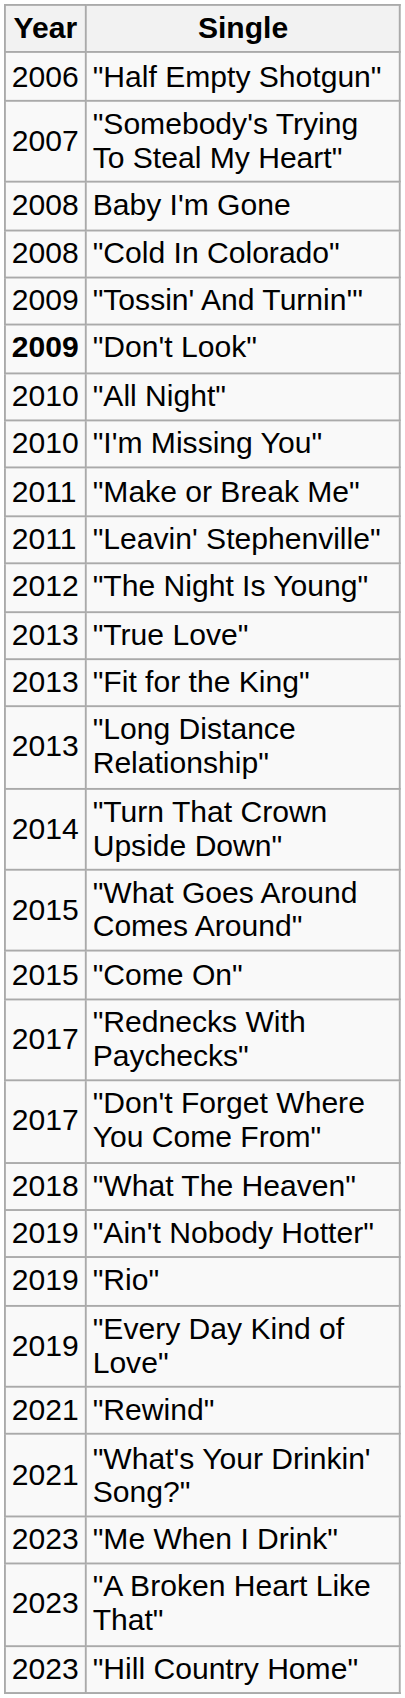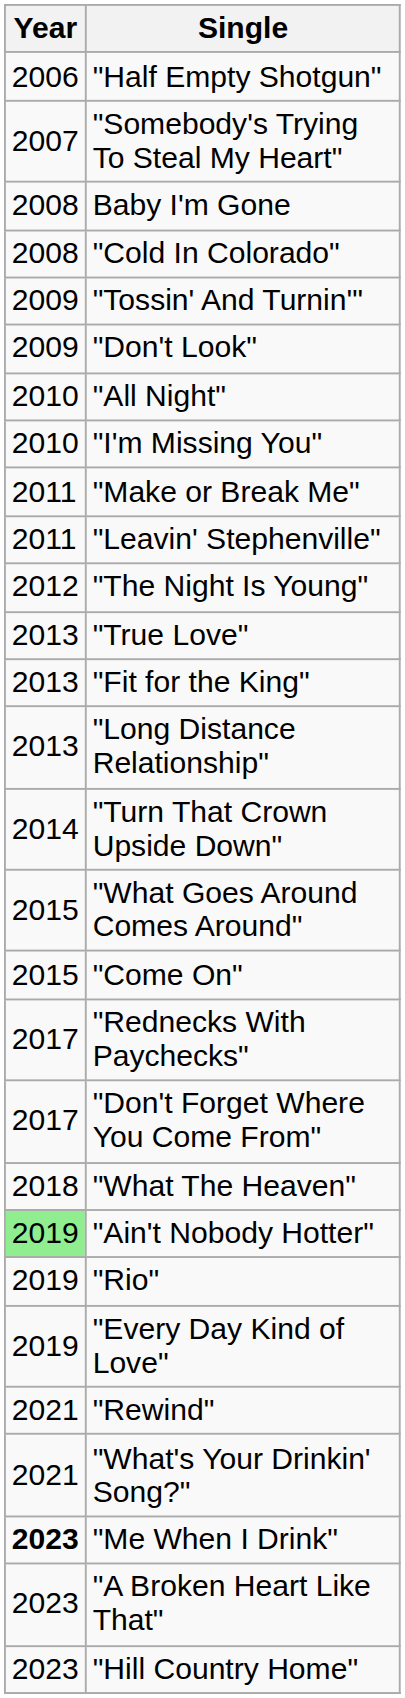 <table class="wikitable plainrowheaders">
 <tr>
 <th>Year</th>
 <th style="width:10em;">Single</th>
 </tr>
 <tr>
 <td>2006</td>
 <td>"Half Empty Shotgun"</td>
 </tr>
 <tr>
 <td>2007</td>
 <td>"Somebody's Trying To Steal My Heart"</td>
 </tr>
 <tr>
 <td>2008</td>
 <td>Baby I'm Gone</td>
 </tr>
 <tr>
 <td>2008</td>
 <td>"Cold In Colorado"</td>
 </tr>
 <tr>
 <td>2009</td>
 <td>"Tossin' And Turnin'"</td>
 </tr>
 <tr>
-<td><strong>2009</strong></td>
+<td>2009</td>
 <td>"Don't Look"</td>
 </tr>
 <tr>
 <td>2010</td>
 <td scope="row">"All Night"</td>
 </tr>
 <tr>
 <td>2010</td>
 <td>"I'm Missing You"</td>
 </tr>
 <tr>
 <td>2011</td>
 <td scope="row">"Make or Break Me"</td>
 </tr>
 <tr>
 <td>2011</td>
 <td>"Leavin' Stephenville"</td>
 </tr>
 <tr>
 <td>2012</td>
 <td scope="row">"The Night Is Young"</td>
 </tr>
 <tr>
 <td>2013</td>
 <td scope="row">"True Love"</td>
 </tr>
 <tr>
 <td>2013</td>
 <td scope="row">"Fit for the King"</td>
 </tr>
 <tr>
 <td>2013</td>
 <td scope="row">"Long Distance Relationship"</td>
 </tr>
 <tr>
 <td>2014</td>
 <td scope="row">"Turn That Crown Upside Down"</td>
 </tr>
 <tr>
 <td>2015</td>
 <td>"What Goes Around Comes Around"</td>
 </tr>
 <tr>
 <td>2015</td>
 <td>"Come On"</td>
 </tr>
 <tr>
 <td>2017</td>
 <td>"Rednecks With Paychecks"</td>
 </tr>
 <tr>
 <td>2017</td>
 <td>"Don't Forget Where You Come From"</td>
 </tr>
 <tr>
 <td>2018</td>
 <td>"What The Heaven"</td>
 </tr>
 <tr>
-<td>2019</td>
+<td style="background: lightgreen;">2019</td>
 <td>"Ain't Nobody Hotter"</td>
 </tr>
 <tr>
 <td>2019</td>
 <td>"Rio"</td>
 </tr>
 <tr>
 <td>2019</td>
 <td>"Every Day Kind of Love"</td>
 </tr>
 <tr>
 <td>2021</td>
 <td>"Rewind"</td>
 </tr>
 <tr>
 <td>2021</td>
 <td>"What's Your Drinkin' Song?"</td>
 </tr>
 <tr>
-<td>2023</td>
+<td><strong>2023</strong></td>
 <td>"Me When I Drink"</td>
 </tr>
 <tr>
 <td>2023</td>
 <td>"A Broken Heart Like That"</td>
 </tr>
 <tr>
 <td>2023</td>
 <td>"Hill Country Home"</td>
 </tr>
 <tr>
 </tr>
 </table>
